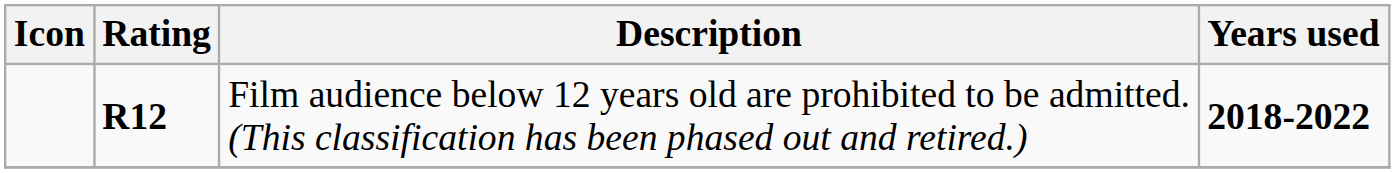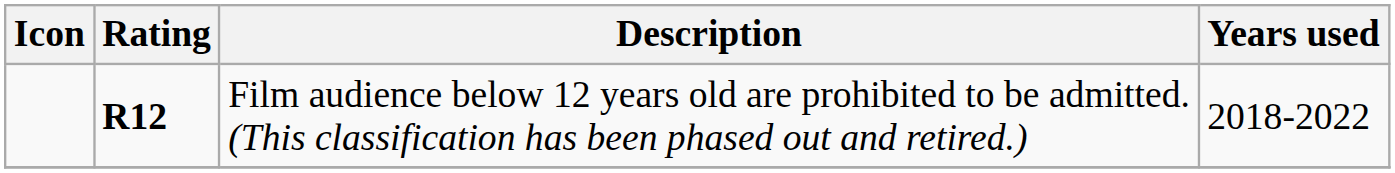 <table class="wikitable">
 <tr>
 <th>Icon</th>
 <th>Rating</th>
 <th>Description</th>
 <th>Years used</th>
 </tr>
 <tr>
 <td></td>
 <td><strong>R12</strong></td>
 <td>Film audience below 12 years old are prohibited to be admitted.<br><em>(This classification has been phased out and retired.)</em></td>
-<td><strong>2018-2022</strong></td>
+<td>2018-2022</td>
 </tr>
 <tr>
 </tr>
 </table>
